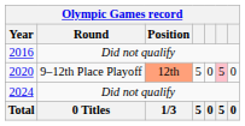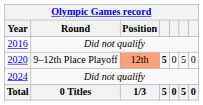 <table class="wikitable" style="text-align: center">
 <tr>
 <th colspan=7><a href='#'>Olympic Games record</a></th>
 </tr>
 <tr>
 <th>Year</th>
 <th>Round</th>
 <th>Position</th>
 <th></th>
 <th></th>
 <th></th>
 <th></th>
 </tr>
 <tr>
 <td> <a href='#'>2016</a></td>
 <td colspan="6" rowspan=1><em>Did not qualify</em></td>
 </tr>
 <tr>
 <td> <a href='#'>2020</a></td>
 <td>9–12th Place Playoff</td>
 <td style="background: lightsalmon;">12th</td>
+<td><strong>5</strong></td>
+<td>0</td>
 <td>5</td>
-<td>0</td>
-<td style="background: pink;">5</td>
 <td>0</td>
 </tr>
 <tr>
 <td> <a href='#'>2024</a></td>
 <td colspan="6" rowspan=1><em>Did not qualify</em></td>
 </tr>
 <tr>
 <th>Total</th>
 <th>0 Titles</th>
 <th>1/3</th>
 <th>5</th>
 <th>0</th>
 <th>5</th>
 <th>0</th>
 </tr>
 </table>
